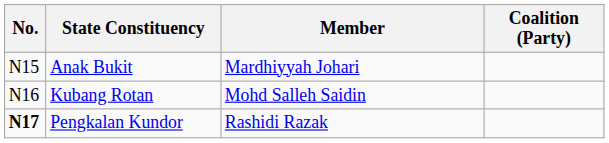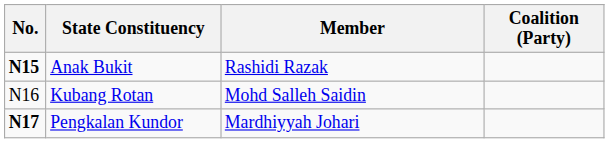 <table class="wikitable">
 <tr>
 <th width="30">No.</th>
 <th width="150">State Constituency</th>
 <th width="230">Member</th>
 <th width="100">Coalition (Party)</th>
 </tr>
 <tr>
-<td>N15</td>
+<td><strong>N15</strong></td>
 <td><a href='#'>Anak Bukit</a></td>
-<td><a href='#'>Mardhiyyah Johari</a></td>
+<td><a href='#'>Rashidi Razak</a></td>
 <td></td>
 </tr>
 <tr>
 <td>N16</td>
 <td><a href='#'>Kubang Rotan</a></td>
 <td><a href='#'>Mohd Salleh Saidin</a></td>
 <td></td>
 </tr>
 <tr>
 <td><strong>N17</strong></td>
 <td><a href='#'>Pengkalan Kundor</a></td>
-<td><a href='#'>Rashidi Razak</a></td>
+<td><a href='#'>Mardhiyyah Johari</a></td>
 <td></td>
 </tr>
 </table>
